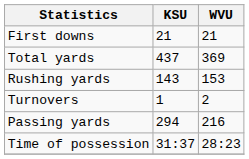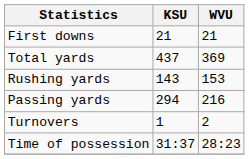 <table class="wikitable" style="float: left;">
 <tr>
 <th>Statistics</th>
 <th>KSU</th>
 <th>WVU</th>
 </tr>
 <tr>
 <td>First downs</td>
 <td>21</td>
 <td>21</td>
 </tr>
 <tr>
 <td>Total yards</td>
 <td>437</td>
 <td>369</td>
 </tr>
 <tr>
 <td>Rushing yards</td>
 <td>143</td>
 <td>153</td>
 </tr>
 <tr>
+<td>Passing yards</td>
+<td>294</td>
+<td>216</td>
+</tr>
+<tr>
 <td>Turnovers</td>
 <td>1</td>
 <td>2</td>
-</tr>
-<tr>
-<td>Passing yards</td>
-<td>294</td>
-<td>216</td>
 </tr>
 <tr>
 <td>Time of possession</td>
 <td>31:37</td>
 <td>28:23</td>
 </tr>
 <tr>
 </tr>
 </table>
